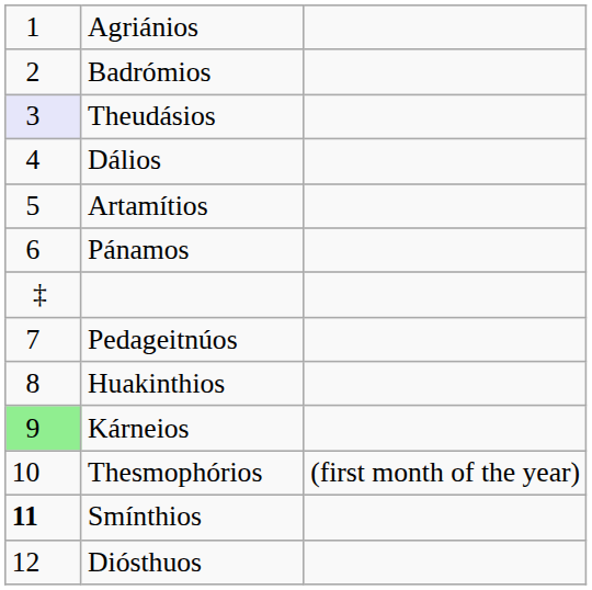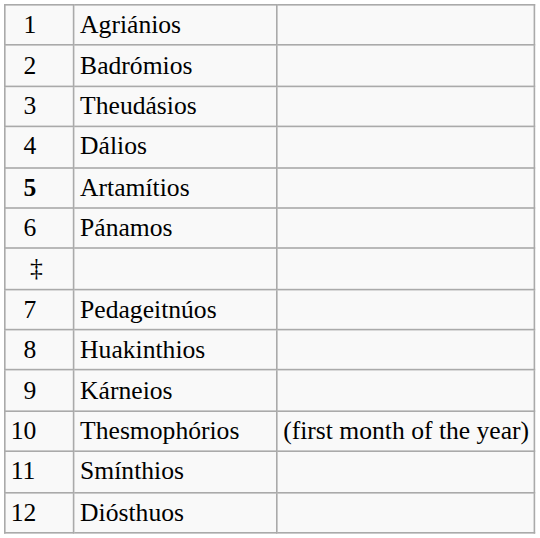 <table class="wikitable">
 <tr>
 <td>  1</td>
 <td>Agriánios</td>
 <td></td>
 </tr>
 <tr>
 <td>  2</td>
 <td>Badrómios</td>
 <td></td>
 </tr>
 <tr>
-<td style="background: lavender;">  3</td>
+<td>  3</td>
 <td>Theudásios</td>
 <td></td>
 </tr>
 <tr>
 <td>  4</td>
 <td>Dálios</td>
 <td></td>
 </tr>
 <tr>
-<td>  5</td>
+<td><strong>  5</strong></td>
 <td>Artamítios</td>
 <td></td>
 </tr>
 <tr>
 <td>  6</td>
 <td>Pánamos</td>
 <td></td>
 </tr>
 <tr style="vertical-align:top;">
 <td>   ‡</td>
 <td></td>
 <td></td>
 </tr>
 <tr>
 <td>  7</td>
 <td>Pedageitnúos</td>
 <td></td>
 </tr>
 <tr>
 <td>  8</td>
 <td>Huakinthios</td>
 <td></td>
 </tr>
 <tr>
-<td style="background: lightgreen;">  9</td>
+<td>  9</td>
 <td>Kárneios</td>
 <td></td>
 </tr>
 <tr>
 <td>10  </td>
 <td>Thesmophórios  </td>
 <td> (first month of the year)</td>
 </tr>
 <tr>
-<td><strong>11</strong></td>
+<td>11</td>
 <td>Smínthios</td>
 <td></td>
 </tr>
 <tr>
 <td>12</td>
 <td>Diósthuos</td>
 <td></td>
 </tr>
 </table>
